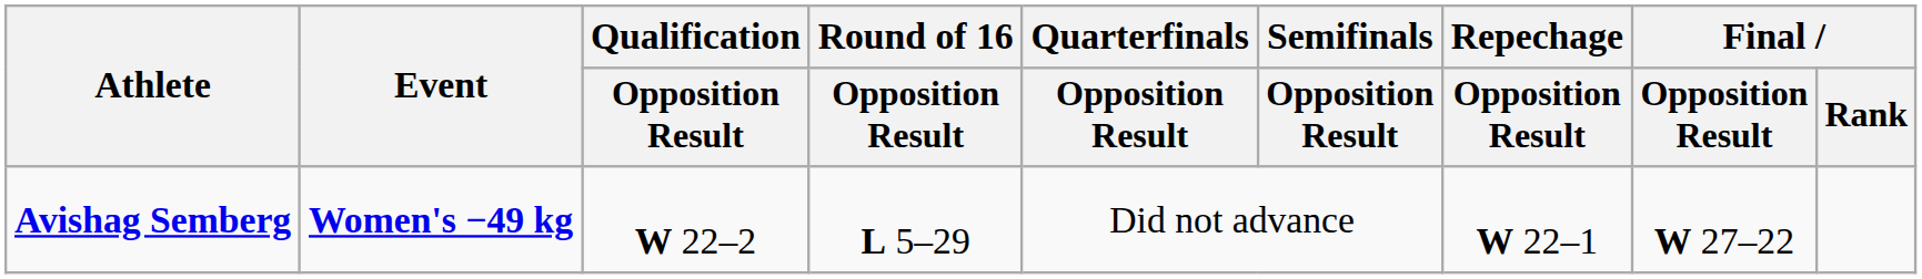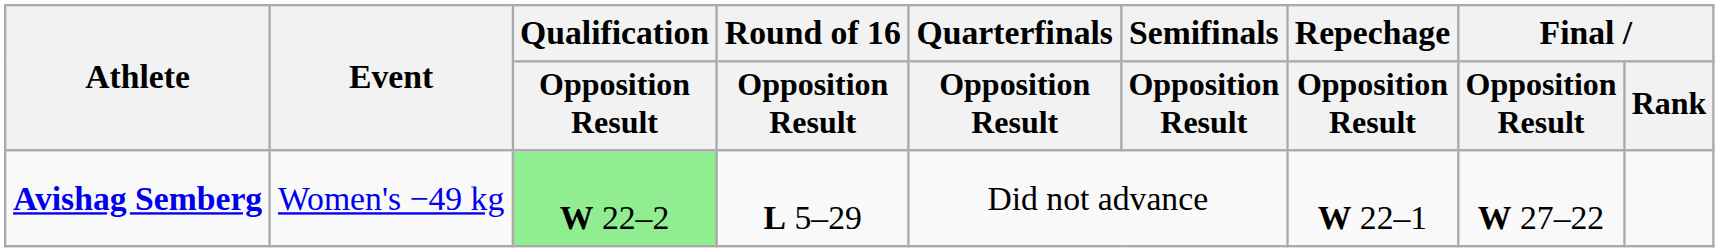 <table class="wikitable" style="font-size:90%;">
 <tr>
 <th rowspan=2>Athlete</th>
 <th rowspan=2>Event</th>
 <th>Qualification</th>
 <th>Round of 16</th>
 <th>Quarterfinals</th>
 <th>Semifinals</th>
 <th>Repechage</th>
 <th colspan=2>Final / </th>
 </tr>
 <tr style="font-size:95%">
 <th>Opposition<br>Result</th>
 <th>Opposition<br>Result</th>
 <th>Opposition<br>Result</th>
 <th>Opposition<br>Result</th>
 <th>Opposition<br>Result</th>
 <th>Opposition<br>Result</th>
 <th>Rank</th>
 </tr>
 <tr align=center>
 <td align=left><strong><a href='#'>Avishag Semberg</a></strong></td>
-<td align=left><strong><a href='#'>Women's −49 kg</a></strong></td>
-<td><br><strong>W</strong> 22–2 </td>
+<td align=left><a href='#'>Women's −49 kg</a></td>
+<td style="background: lightgreen;"><br><strong>W</strong> 22–2 </td>
 <td><br><strong>L</strong> 5–29 </td>
 <td colspan=2>Did not advance</td>
 <td><br><strong>W</strong> 22–1 </td>
 <td><br><strong>W</strong> 27–22</td>
 <td></td>
 </tr>
 </table>
